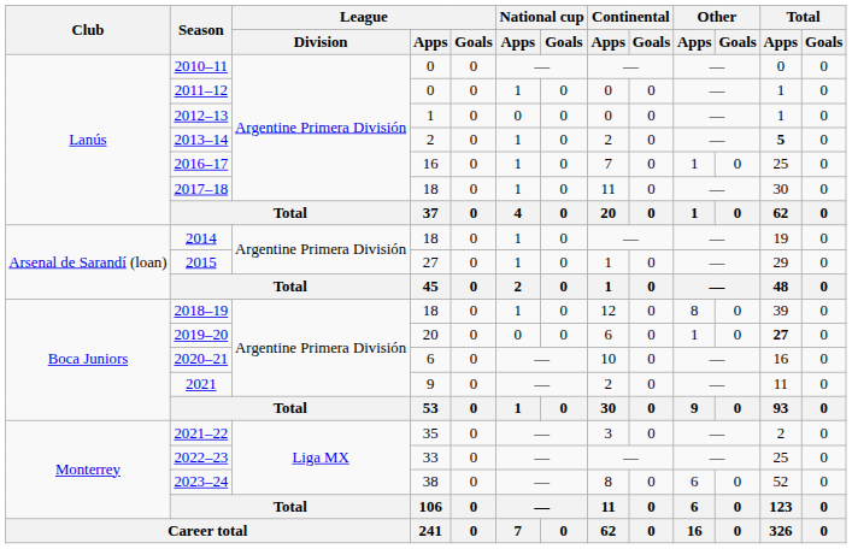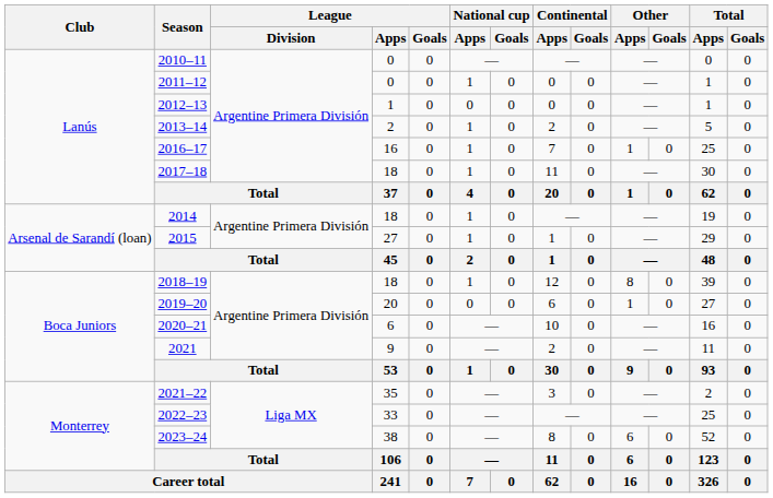 <table class=wikitable style=text-align:center>
 <tr>
 <th rowspan="2">Club</th>
 <th rowspan="2">Season</th>
 <th colspan="3">League</th>
 <th colspan="2">National cup</th>
 <th colspan="2">Continental</th>
 <th colspan="2">Other</th>
 <th colspan="2">Total</th>
 </tr>
 <tr>
 <th>Division</th>
 <th>Apps</th>
 <th>Goals</th>
 <th>Apps</th>
 <th>Goals</th>
 <th>Apps</th>
 <th>Goals</th>
 <th>Apps</th>
 <th>Goals</th>
 <th>Apps</th>
 <th>Goals</th>
 </tr>
 <tr>
 <td rowspan="7"><a href='#'>Lanús</a></td>
 <td><a href='#'>2010–11</a></td>
 <td rowspan="6"><a href='#'>Argentine Primera División</a></td>
 <td>0</td>
 <td>0</td>
 <td colspan="2">—</td>
 <td colspan="2">—</td>
 <td colspan="2">—</td>
 <td>0</td>
 <td>0</td>
 </tr>
 <tr>
 <td><a href='#'>2011–12</a></td>
 <td>0</td>
 <td>0</td>
 <td>1</td>
 <td>0</td>
 <td>0</td>
 <td>0</td>
 <td colspan="2">—</td>
 <td>1</td>
 <td>0</td>
 </tr>
 <tr>
 <td><a href='#'>2012–13</a></td>
 <td>1</td>
 <td>0</td>
 <td>0</td>
 <td>0</td>
 <td>0</td>
 <td>0</td>
 <td colspan="2">—</td>
 <td>1</td>
 <td>0</td>
 </tr>
 <tr>
 <td><a href='#'>2013–14</a></td>
 <td>2</td>
 <td>0</td>
 <td>1</td>
 <td>0</td>
 <td>2</td>
 <td>0</td>
 <td colspan="2">—</td>
-<td><strong>5</strong></td>
+<td>5</td>
 <td>0</td>
 </tr>
 <tr>
 <td><a href='#'>2016–17</a></td>
 <td>16</td>
 <td>0</td>
 <td>1</td>
 <td>0</td>
 <td>7</td>
 <td>0</td>
 <td>1</td>
 <td>0</td>
 <td>25</td>
 <td>0</td>
 </tr>
 <tr>
 <td><a href='#'>2017–18</a></td>
 <td>18</td>
 <td>0</td>
 <td>1</td>
 <td>0</td>
 <td>11</td>
 <td>0</td>
 <td colspan="2">—</td>
 <td>30</td>
 <td>0</td>
 </tr>
 <tr>
 <th colspan="2">Total</th>
 <th>37</th>
 <th>0</th>
 <th>4</th>
 <th>0</th>
 <th>20</th>
 <th>0</th>
 <th>1</th>
 <th>0</th>
 <th>62</th>
 <th>0</th>
 </tr>
 <tr>
 <td rowspan="3"><a href='#'>Arsenal de Sarandí</a> (loan)</td>
 <td><a href='#'>2014</a></td>
 <td rowspan="2">Argentine Primera División</td>
 <td>18</td>
 <td>0</td>
 <td>1</td>
 <td>0</td>
 <td colspan="2">—</td>
 <td colspan="2">—</td>
 <td>19</td>
 <td>0</td>
 </tr>
 <tr>
 <td><a href='#'>2015</a></td>
 <td>27</td>
 <td>0</td>
 <td>1</td>
 <td>0</td>
 <td>1</td>
 <td>0</td>
 <td colspan="2">—</td>
 <td>29</td>
 <td>0</td>
 </tr>
 <tr>
 <th colspan="2">Total</th>
 <th>45</th>
 <th>0</th>
 <th>2</th>
 <th>0</th>
 <th>1</th>
 <th>0</th>
 <th colspan="2">—</th>
 <th>48</th>
 <th>0</th>
 </tr>
 <tr>
 <td rowspan="5"><a href='#'>Boca Juniors</a></td>
 <td><a href='#'>2018–19</a></td>
 <td rowspan="4">Argentine Primera División</td>
 <td>18</td>
 <td>0</td>
 <td>1</td>
 <td>0</td>
 <td>12</td>
 <td>0</td>
 <td>8</td>
 <td>0</td>
 <td>39</td>
 <td>0</td>
 </tr>
 <tr>
 <td><a href='#'>2019–20</a></td>
 <td>20</td>
 <td>0</td>
 <td>0</td>
 <td>0</td>
 <td>6</td>
 <td>0</td>
 <td>1</td>
 <td>0</td>
-<td><strong>27</strong></td>
+<td>27</td>
 <td>0</td>
 </tr>
 <tr>
 <td><a href='#'>2020–21</a></td>
 <td>6</td>
 <td>0</td>
 <td colspan="2">—</td>
 <td>10</td>
 <td>0</td>
 <td colspan="2">—</td>
 <td>16</td>
 <td>0</td>
 </tr>
 <tr>
 <td><a href='#'>2021</a></td>
 <td>9</td>
 <td>0</td>
 <td colspan="2">—</td>
 <td>2</td>
 <td>0</td>
 <td colspan="2">—</td>
 <td>11</td>
 <td>0</td>
 </tr>
 <tr>
 <th colspan="2">Total</th>
 <th>53</th>
 <th>0</th>
 <th>1</th>
 <th>0</th>
 <th>30</th>
 <th>0</th>
 <th>9</th>
 <th>0</th>
 <th>93</th>
 <th>0</th>
 </tr>
 <tr>
 <td rowspan="4"><a href='#'>Monterrey</a></td>
 <td><a href='#'>2021–22</a></td>
 <td rowspan="3"><a href='#'>Liga MX</a></td>
 <td>35</td>
 <td>0</td>
 <td colspan="2">—</td>
 <td>3</td>
 <td>0</td>
 <td colspan="2">—</td>
 <td>2</td>
 <td>0</td>
 </tr>
 <tr>
 <td><a href='#'>2022–23</a></td>
 <td>33</td>
 <td>0</td>
 <td colspan="2">—</td>
 <td colspan="2">—</td>
 <td colspan="2">—</td>
 <td>25</td>
 <td>0</td>
 </tr>
 <tr>
 <td><a href='#'>2023–24</a></td>
 <td>38</td>
 <td>0</td>
 <td colspan="2">—</td>
 <td>8</td>
 <td>0</td>
 <td>6</td>
 <td>0</td>
 <td>52</td>
 <td>0</td>
 </tr>
 <tr>
 <th colspan="2">Total</th>
 <th>106</th>
 <th>0</th>
 <th colspan="2">—</th>
 <th>11</th>
 <th>0</th>
 <th>6</th>
 <th>0</th>
 <th>123</th>
 <th>0</th>
 </tr>
 <tr>
 <th colspan="3">Career total</th>
 <th>241</th>
 <th>0</th>
 <th>7</th>
 <th>0</th>
 <th>62</th>
 <th>0</th>
 <th>16</th>
 <th>0</th>
 <th>326</th>
 <th>0</th>
 </tr>
 </table>
